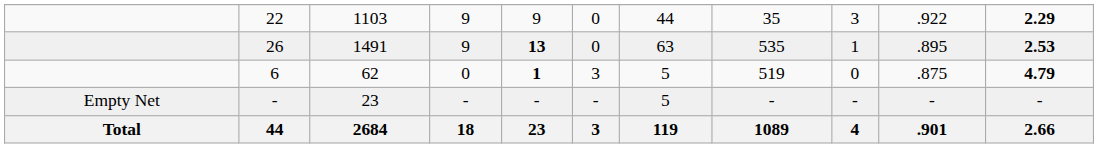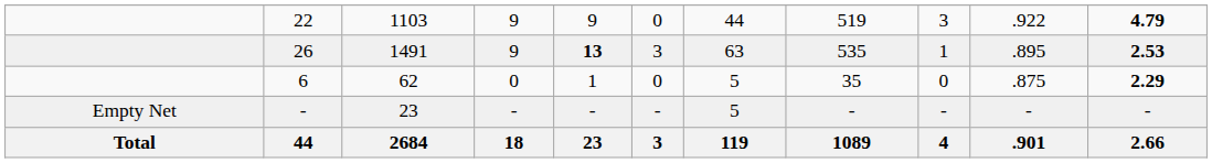 <table class="wikitable sortable" width ="1000">
 <tr align="center">
 </tr>
 <tr align="center" bgcolor="">
 <td></td>
 <td>22</td>
 <td>1103</td>
 <td>9</td>
 <td>9</td>
 <td>0</td>
 <td>44</td>
-<td>35</td>
+<td>519</td>
 <td>3</td>
 <td>.922</td>
-<td><strong>2.29</strong></td>
+<td><strong>4.79</strong></td>
 </tr>
 <tr align="center" bgcolor="f0f0f0">
 <td></td>
 <td>26</td>
 <td>1491</td>
 <td>9</td>
 <td><strong>13</strong></td>
-<td>0</td>
+<td>3</td>
 <td>63</td>
 <td>535</td>
 <td>1</td>
 <td>.895</td>
 <td><strong>2.53</strong></td>
 </tr>
 <tr align="center" bgcolor="">
 <td></td>
 <td>6</td>
 <td>62</td>
 <td>0</td>
-<td><strong>1</strong></td>
-<td>3</td>
+<td>1</td>
+<td>0</td>
 <td>5</td>
-<td>519</td>
+<td>35</td>
 <td>0</td>
 <td>.875</td>
-<td><strong>4.79</strong></td>
+<td><strong>2.29</strong></td>
 </tr>
 <tr align="center" bgcolor="f0f0f0">
 <td>Empty Net</td>
 <td>-</td>
 <td>23</td>
 <td>-</td>
 <td>-</td>
 <td>-</td>
 <td>5</td>
 <td>-</td>
 <td>-</td>
 <td>-</td>
 <td>-</td>
 </tr>
 <tr>
 <th>Total</th>
 <th>44</th>
 <th>2684</th>
 <th>18</th>
 <th>23</th>
 <th>3</th>
 <th>119</th>
 <th>1089</th>
 <th>4</th>
 <th>.901</th>
 <th>2.66</th>
 </tr>
 </table>
